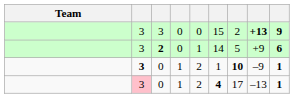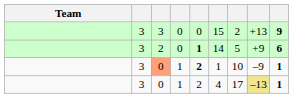 <table class="wikitable" style="text-align: center;">
 <tr>
 <th width="175">Team</th>
 <th width="20"></th>
 <th width="20"></th>
 <th width="20"></th>
 <th width="20"></th>
 <th width="20"></th>
 <th width="20"></th>
 <th width="20"></th>
 <th width="20"></th>
 </tr>
 <tr bgcolor=#ccffcc>
 <td align=left></td>
 <td>3</td>
 <td>3</td>
 <td>0</td>
 <td>0</td>
 <td>15</td>
 <td>2</td>
-<td><strong>+13</strong></td>
+<td>+13</td>
 <td><strong>9</strong></td>
 </tr>
 <tr bgcolor=#ccffcc>
 <td align=left></td>
 <td>3</td>
-<td><strong>2</strong></td>
+<td>2</td>
 <td>0</td>
-<td>1</td>
+<td><strong>1</strong></td>
 <td>14</td>
 <td>5</td>
 <td>+9</td>
 <td><strong>6</strong></td>
 </tr>
 <tr>
 <td align=left></td>
-<td><strong>3</strong></td>
-<td>0</td>
+<td>3</td>
+<td style="background: lightsalmon;">0</td>
 <td>1</td>
-<td>2</td>
+<td><strong>2</strong></td>
 <td>1</td>
-<td><strong>10</strong></td>
+<td>10</td>
 <td>–9</td>
 <td><strong>1</strong></td>
 </tr>
 <tr>
 <td align=left></td>
-<td style="background: pink;">3</td>
+<td>3</td>
 <td>0</td>
 <td>1</td>
 <td>2</td>
-<td><strong>4</strong></td>
+<td>4</td>
 <td>17</td>
-<td>–13</td>
+<td style="background: khaki;">–13</td>
 <td><strong>1</strong></td>
 </tr>
 </table>
